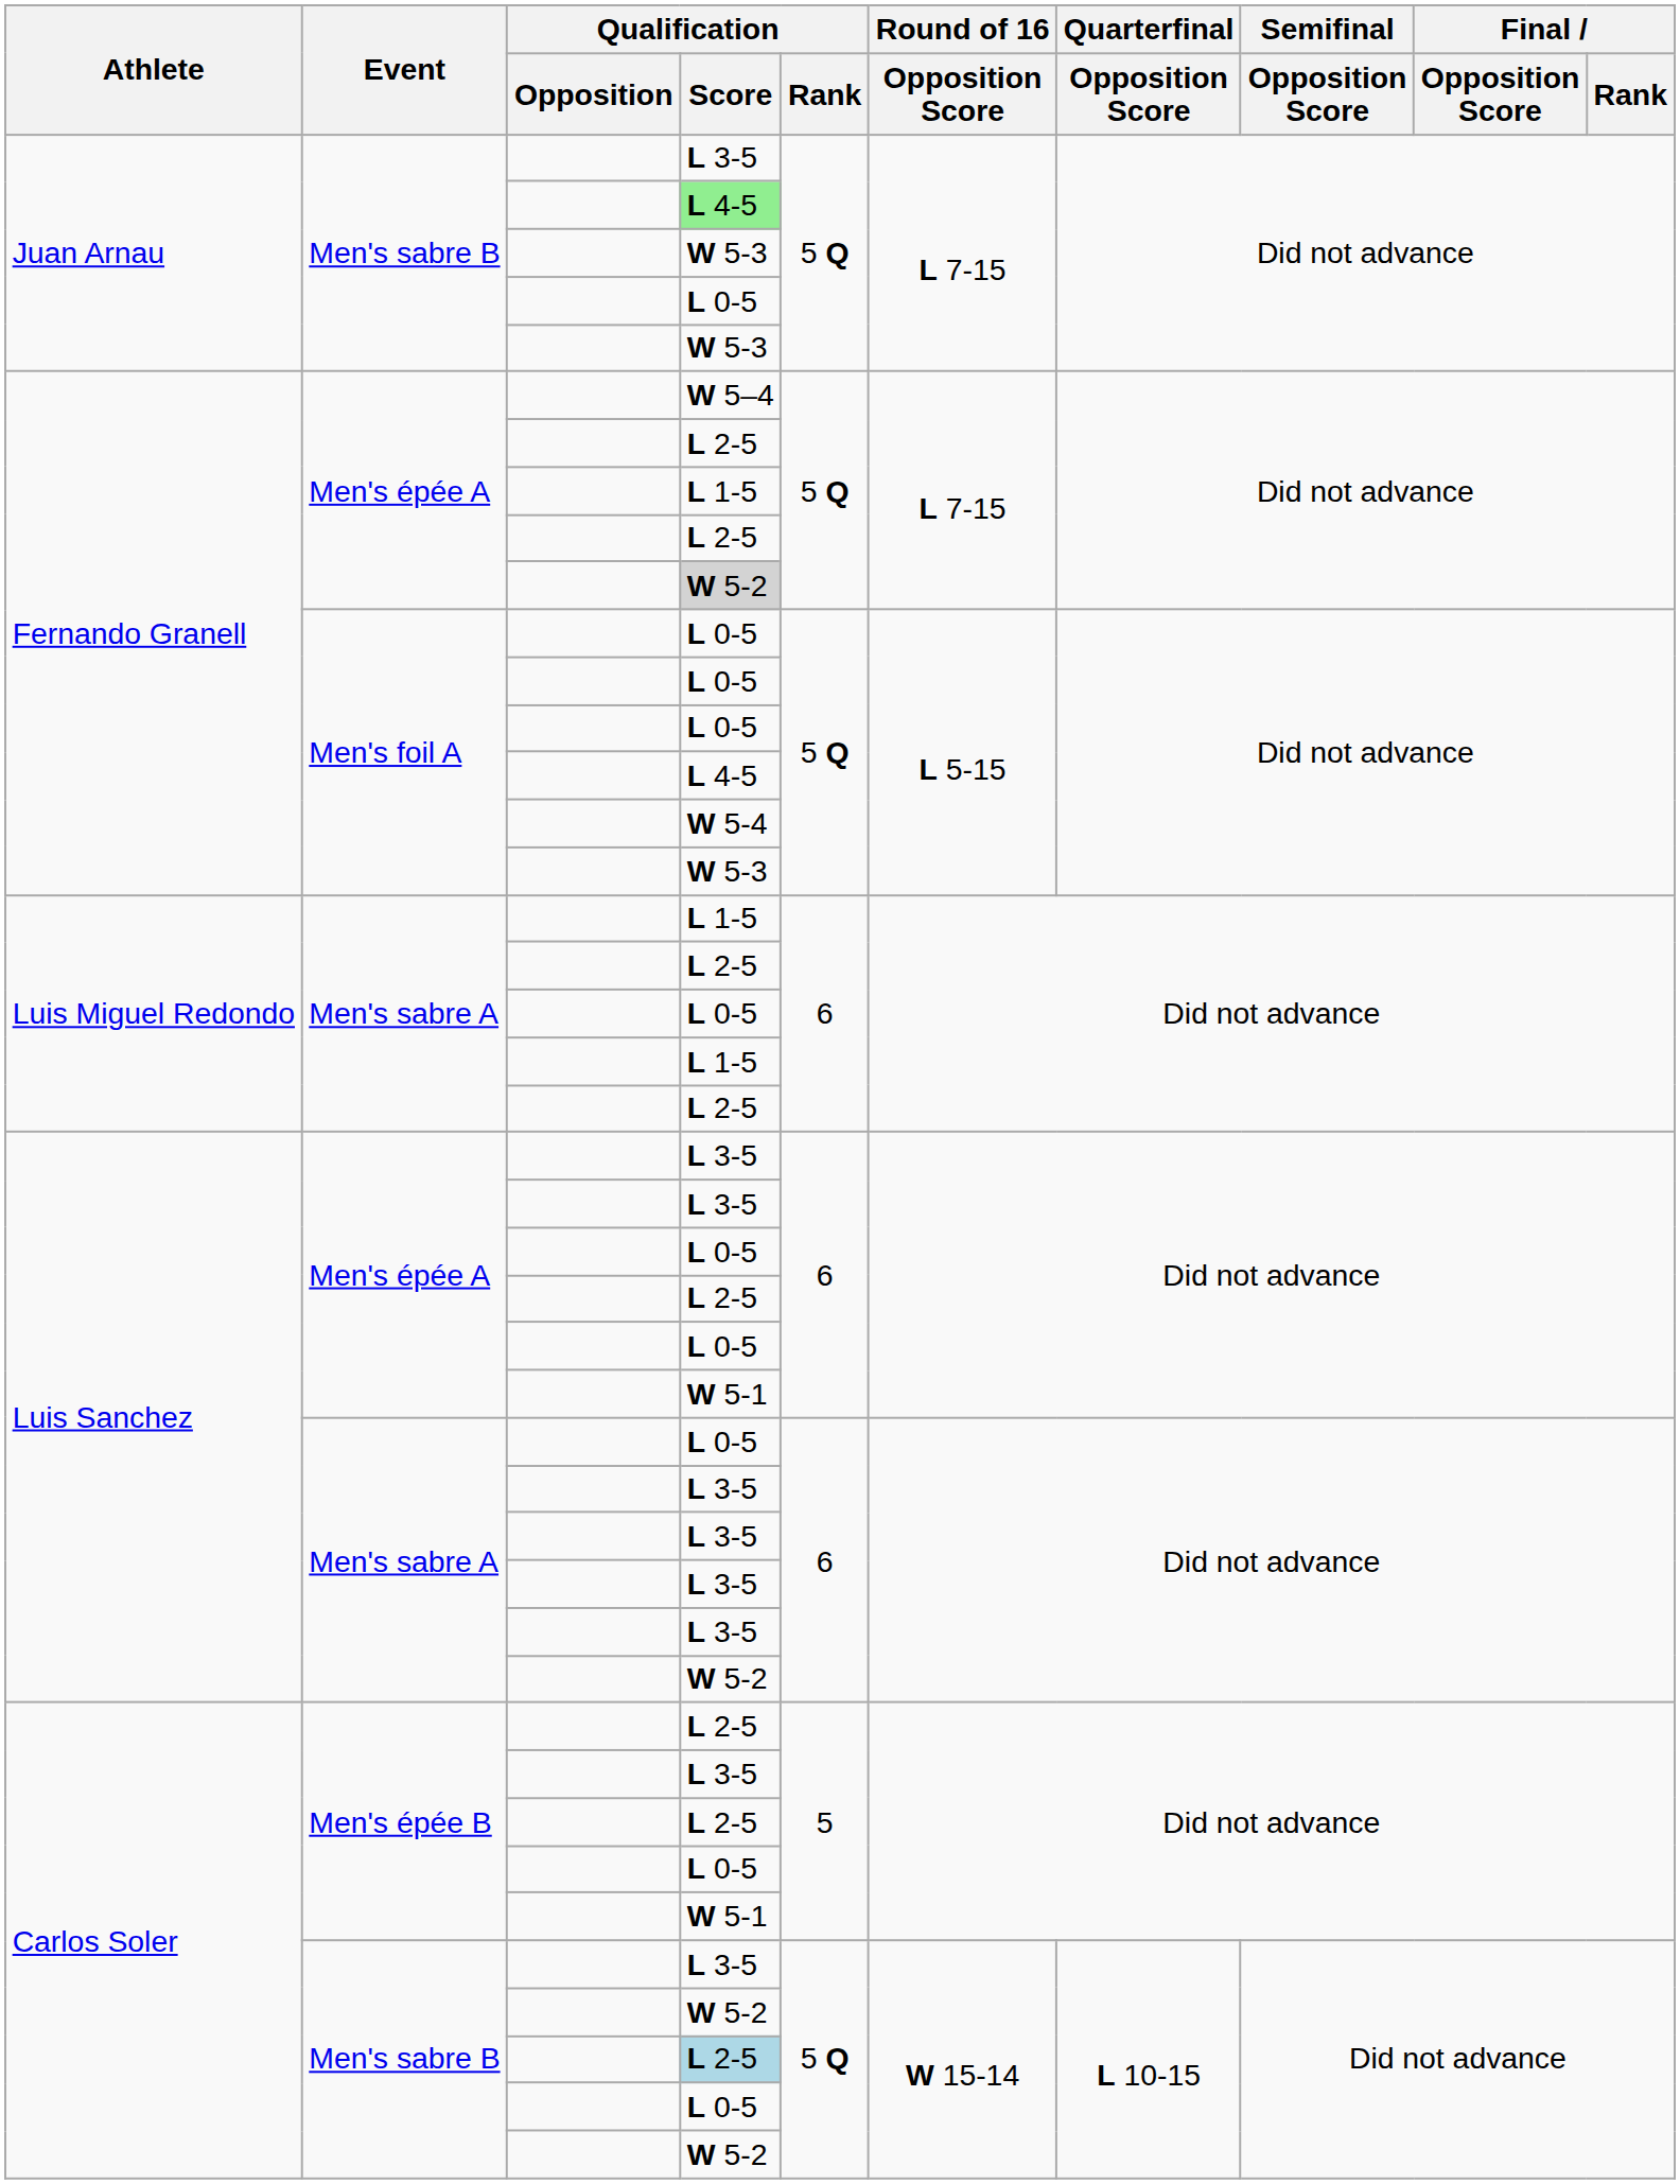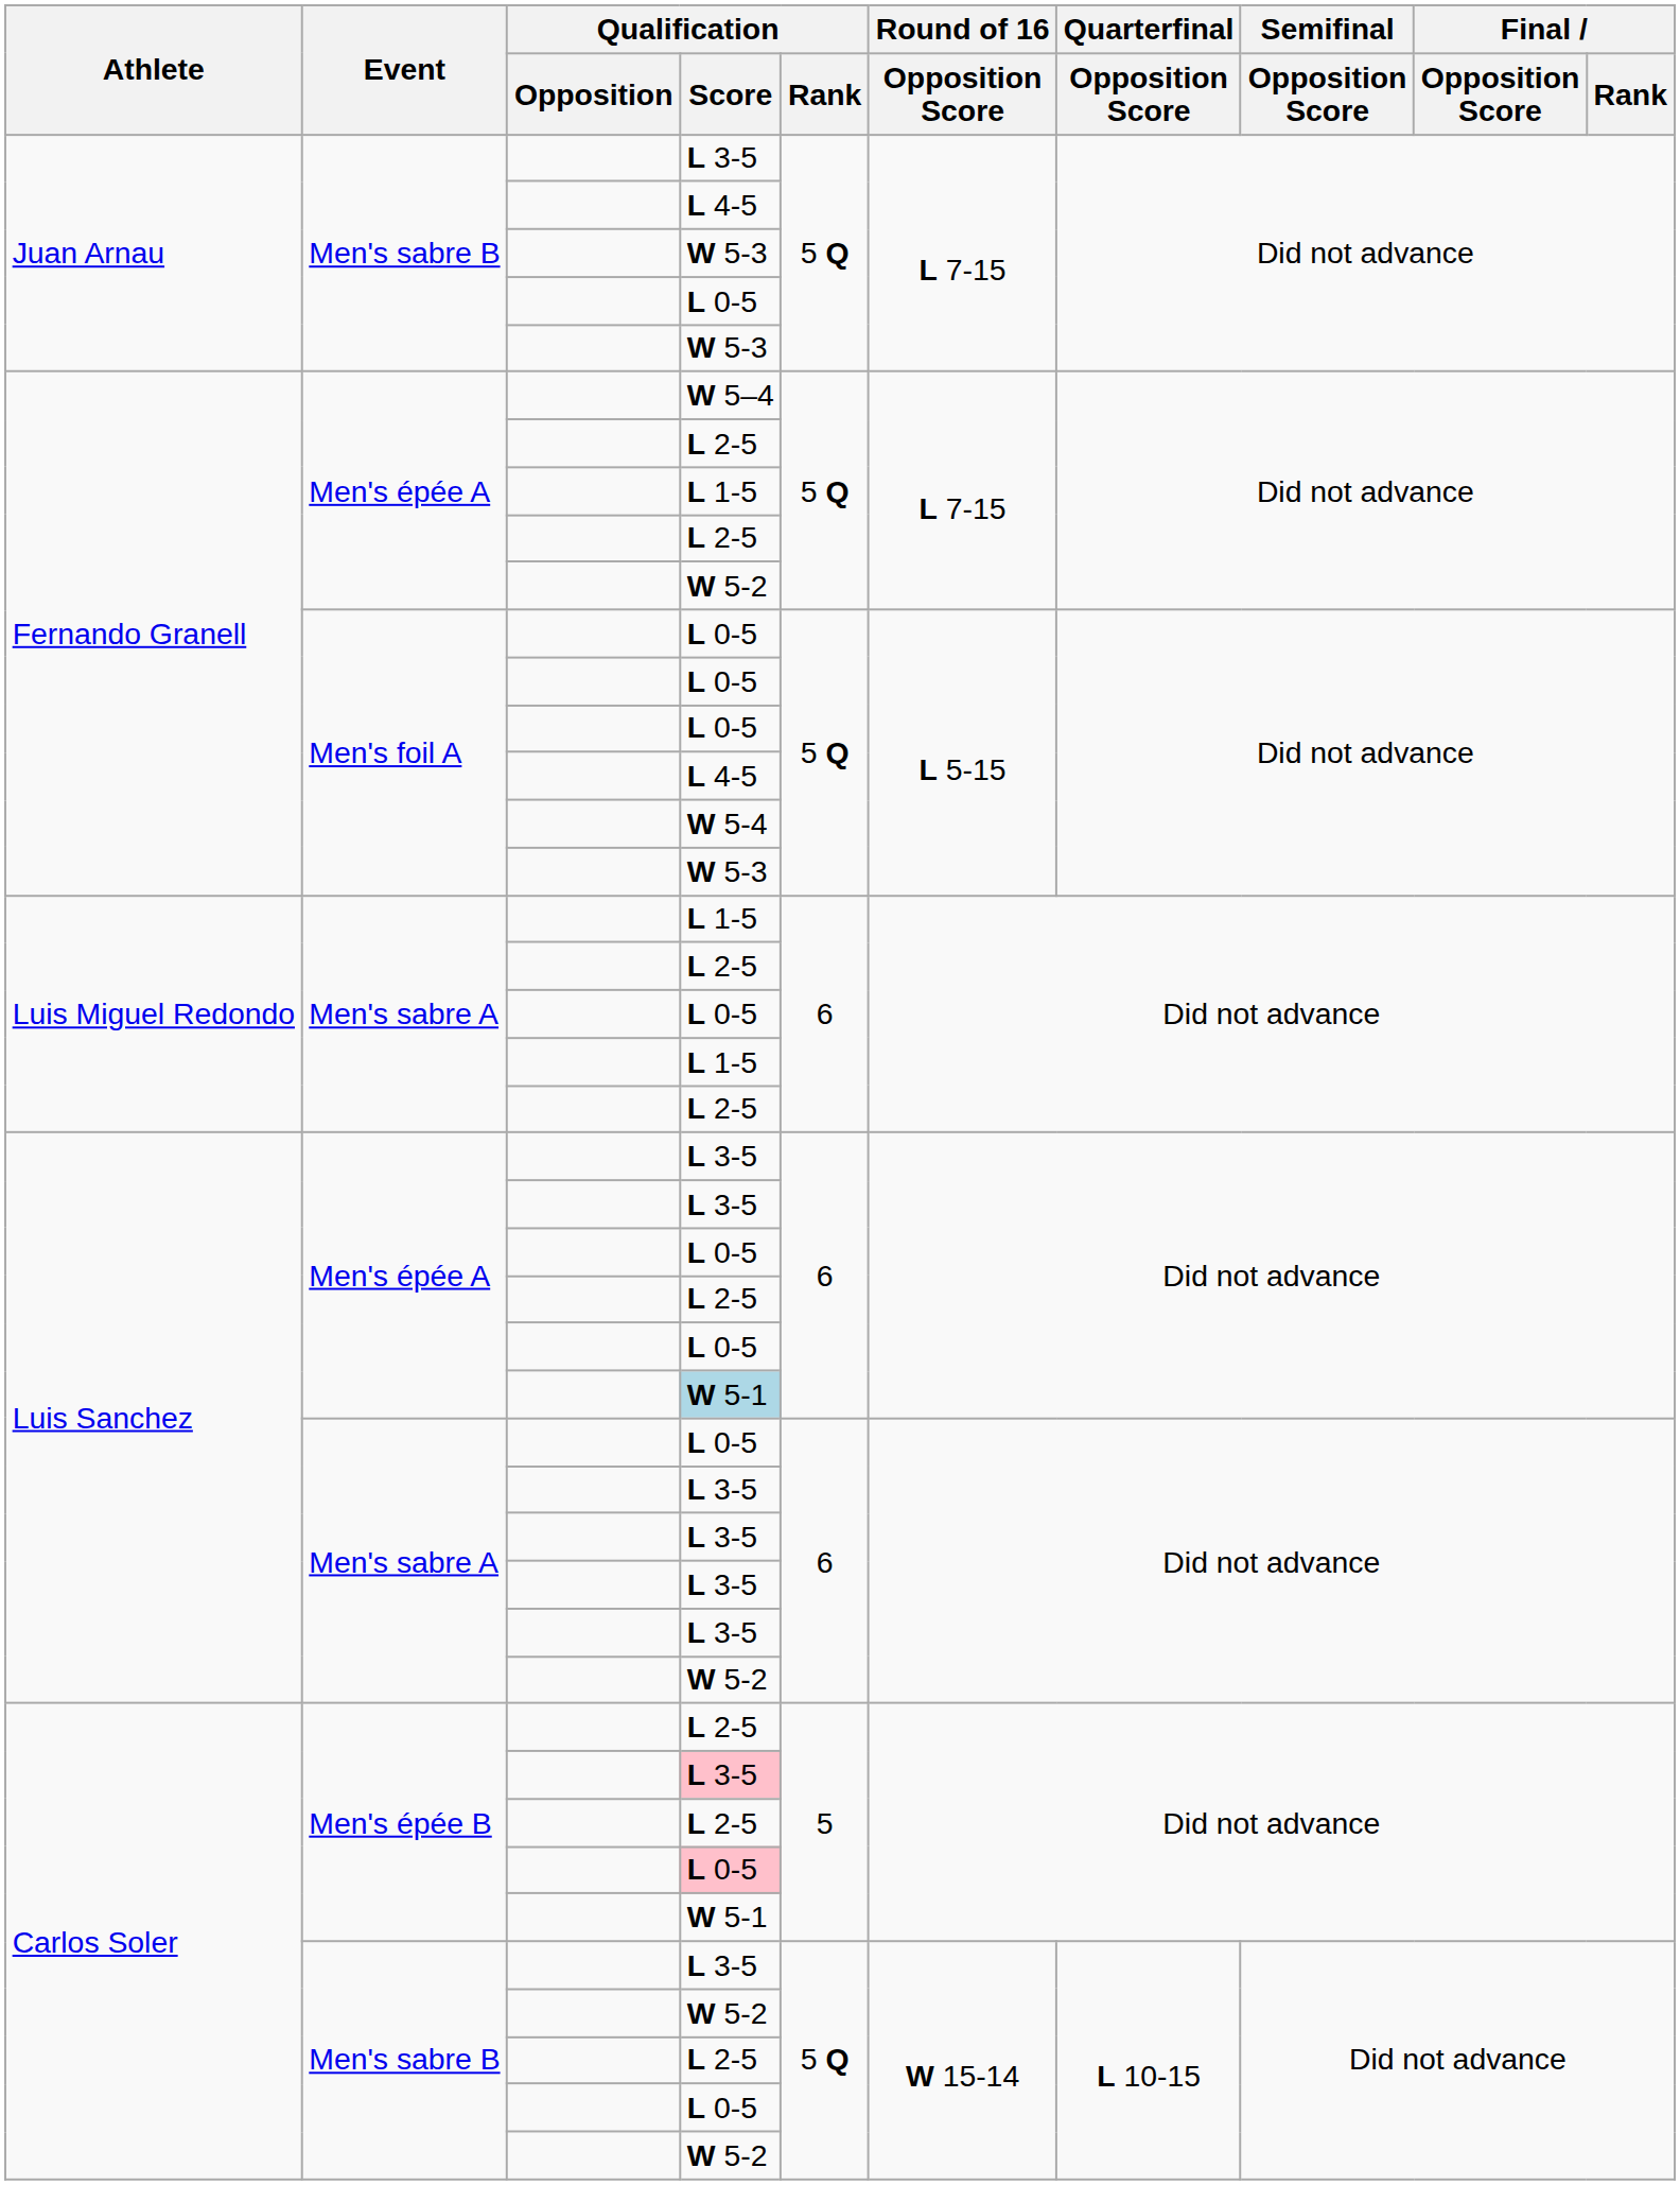 <table class=wikitable style="font-size:90%">
 <tr>
 <th rowspan="2">Athlete</th>
 <th rowspan="2">Event</th>
 <th colspan="3">Qualification</th>
 <th>Round of 16</th>
 <th>Quarterfinal</th>
 <th>Semifinal</th>
 <th colspan="2">Final / </th>
 </tr>
 <tr>
 <th>Opposition</th>
 <th>Score</th>
 <th>Rank</th>
 <th>Opposition<br>Score</th>
 <th>Opposition<br>Score</th>
 <th>Opposition<br>Score</th>
 <th>Opposition<br>Score</th>
 <th>Rank</th>
 </tr>
 <tr>
 <td rowspan=5><a href='#'>Juan Arnau</a></td>
 <td rowspan=5><a href='#'>Men's sabre B</a></td>
 <td></td>
 <td><strong>L</strong> 3-5</td>
 <td align="center" rowspan=5>5 <strong>Q</strong></td>
 <td align="center" rowspan=5><br><strong>L</strong> 7-15</td>
 <td align="center" rowspan=5 colspan=4>Did not advance</td>
 </tr>
 <tr>
 <td></td>
-<td style="background: lightgreen;"><strong>L</strong> 4-5</td>
+<td><strong>L</strong> 4-5</td>
 </tr>
 <tr>
 <td></td>
 <td><strong>W</strong> 5-3</td>
 </tr>
 <tr>
 <td></td>
 <td><strong>L</strong> 0-5</td>
 </tr>
 <tr>
 <td></td>
 <td><strong>W</strong> 5-3</td>
 </tr>
 <tr>
 <td rowspan=11><a href='#'>Fernando Granell</a></td>
 <td rowspan=5><a href='#'>Men's épée A</a></td>
 <td></td>
 <td><strong>W</strong> 5–4</td>
 <td align="center" rowspan=5>5 <strong>Q</strong></td>
 <td align="center" rowspan=5><br><strong>L</strong> 7-15</td>
 <td align="center" rowspan=5 colspan=4>Did not advance</td>
 </tr>
 <tr>
 <td></td>
 <td><strong>L</strong> 2-5</td>
 </tr>
 <tr>
 <td></td>
 <td><strong>L</strong> 1-5</td>
 </tr>
 <tr>
 <td></td>
 <td><strong>L</strong> 2-5</td>
 </tr>
 <tr>
 <td></td>
-<td style="background: lightgrey;"><strong>W</strong> 5-2</td>
+<td><strong>W</strong> 5-2</td>
 </tr>
 <tr>
 <td rowspan=6><a href='#'>Men's foil A</a></td>
 <td></td>
 <td><strong>L</strong> 0-5</td>
 <td align="center" rowspan=6>5 <strong>Q</strong></td>
 <td align="center" rowspan=6><br><strong>L</strong> 5-15</td>
 <td align="center" rowspan=6 colspan=4>Did not advance</td>
 </tr>
 <tr>
 <td></td>
 <td><strong>L</strong> 0-5</td>
 </tr>
 <tr>
 <td></td>
 <td><strong>L</strong> 0-5</td>
 </tr>
 <tr>
 <td></td>
 <td><strong>L</strong> 4-5</td>
 </tr>
 <tr>
 <td></td>
 <td><strong>W</strong> 5-4</td>
 </tr>
 <tr>
 <td></td>
 <td><strong>W</strong> 5-3</td>
 </tr>
 <tr>
 <td rowspan=5><a href='#'>Luis Miguel Redondo</a></td>
 <td rowspan=5><a href='#'>Men's sabre A</a></td>
 <td></td>
 <td><strong>L</strong> 1-5</td>
 <td align="center" rowspan=5>6</td>
 <td align="center" rowspan=5 colspan=5>Did not advance</td>
 </tr>
 <tr>
 <td></td>
 <td><strong>L</strong> 2-5</td>
 </tr>
 <tr>
 <td></td>
 <td><strong>L</strong> 0-5</td>
 </tr>
 <tr>
 <td></td>
 <td><strong>L</strong> 1-5</td>
 </tr>
 <tr>
 <td></td>
 <td><strong>L</strong> 2-5</td>
 </tr>
 <tr>
 <td rowspan=12><a href='#'>Luis Sanchez</a></td>
 <td rowspan=6><a href='#'>Men's épée A</a></td>
 <td></td>
 <td><strong>L</strong> 3-5</td>
 <td align="center" rowspan=6>6</td>
 <td align="center" rowspan=6 colspan=5>Did not advance</td>
 </tr>
 <tr>
 <td></td>
 <td><strong>L</strong> 3-5</td>
 </tr>
 <tr>
 <td></td>
 <td><strong>L</strong> 0-5</td>
 </tr>
 <tr>
 <td></td>
 <td><strong>L</strong> 2-5</td>
 </tr>
 <tr>
 <td></td>
 <td><strong>L</strong> 0-5</td>
 </tr>
 <tr>
 <td></td>
-<td><strong>W</strong> 5-1</td>
+<td style="background: lightblue;"><strong>W</strong> 5-1</td>
 </tr>
 <tr>
 <td rowspan=6><a href='#'>Men's sabre A</a></td>
 <td></td>
 <td><strong>L</strong> 0-5</td>
 <td align="center" rowspan=6>6</td>
 <td align="center" rowspan=6 colspan=5>Did not advance</td>
 </tr>
 <tr>
 <td></td>
 <td><strong>L</strong> 3-5</td>
 </tr>
 <tr>
 <td></td>
 <td><strong>L</strong> 3-5</td>
 </tr>
 <tr>
 <td></td>
 <td><strong>L</strong> 3-5</td>
 </tr>
 <tr>
 <td></td>
 <td><strong>L</strong> 3-5</td>
 </tr>
 <tr>
 <td></td>
 <td><strong>W</strong> 5-2</td>
 </tr>
 <tr>
 <td rowspan=10><a href='#'>Carlos Soler</a></td>
 <td rowspan=5><a href='#'>Men's épée B</a></td>
 <td></td>
 <td><strong>L</strong> 2-5</td>
 <td align="center" rowspan=5>5</td>
 <td align="center" rowspan=5 colspan=5>Did not advance</td>
 </tr>
 <tr>
 <td></td>
-<td><strong>L</strong> 3-5</td>
+<td style="background: pink;"><strong>L</strong> 3-5</td>
 </tr>
 <tr>
 <td></td>
 <td><strong>L</strong> 2-5</td>
 </tr>
 <tr>
 <td></td>
-<td><strong>L</strong> 0-5</td>
+<td style="background: pink;"><strong>L</strong> 0-5</td>
 </tr>
 <tr>
 <td></td>
 <td><strong>W</strong> 5-1</td>
 </tr>
 <tr>
 <td rowspan=5><a href='#'>Men's sabre B</a></td>
 <td></td>
 <td><strong>L</strong> 3-5</td>
 <td align="center" rowspan=5>5 <strong>Q</strong></td>
 <td align="center" rowspan=5><br><strong>W</strong> 15-14</td>
 <td align="center" rowspan=5><br><strong>L</strong> 10-15</td>
 <td align="center" rowspan=5 colspan=3>Did not advance</td>
 </tr>
 <tr>
 <td></td>
 <td><strong>W</strong> 5-2</td>
 </tr>
 <tr>
 <td></td>
-<td style="background: lightblue;"><strong>L</strong> 2-5</td>
+<td><strong>L</strong> 2-5</td>
 </tr>
 <tr>
 <td></td>
 <td><strong>L</strong> 0-5</td>
 </tr>
 <tr>
 <td></td>
 <td><strong>W</strong> 5-2</td>
 </tr>
 </table>
